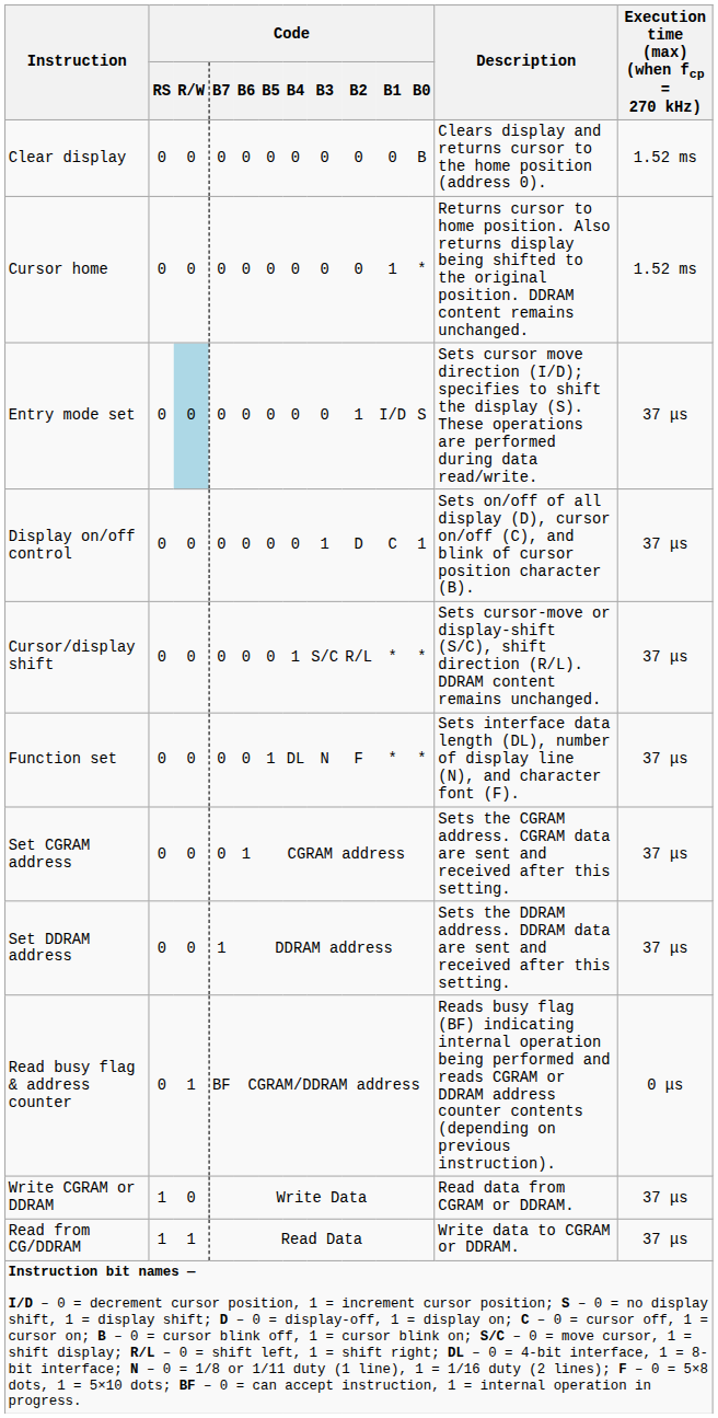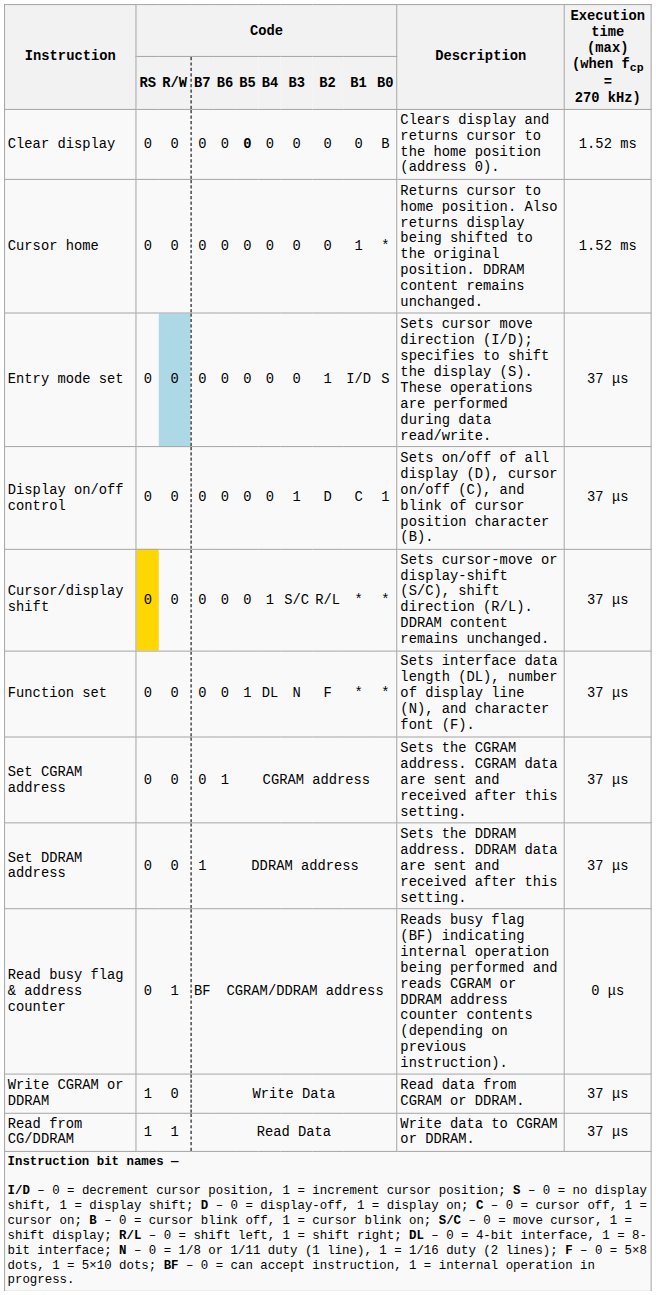 <table class="wikitable">
 <tr>
 <th rowspan="2">Instruction</th>
 <th colspan="10">Code</th>
 <th rowspan="2">Description</th>
 <th rowspan="2">Execution<br> time (max)<br> (when f<sub>cp</sub> =  270 kHz)</th>
 </tr>
 <tr>
 <th style="border-right: 0px;">RS</th>
 <th style="border-right: 0px; border-left: 0px;">R/W</th>
 <th style="border-right: 0px; border-left: 1px dashed;">B7</th>
 <th style="border-right: 0px; border-left: 0px;">B6</th>
 <th style="border-right: 0px; border-left: 0px;">B5</th>
 <th style="border-right: 0px; border-left: 0px;">B4</th>
 <th style="border-right: 0px; border-left: 0px;">B3</th>
 <th style="border-right: 0px; border-left: 0px;">B2</th>
 <th style="border-right: 0px; border-left: 0px;">B1</th>
 <th style="border-left: 0px;">B0</th>
 </tr>
 <tr>
 <td>Clear display</td>
 <td align="center" style="border-right: 0px;">0</td>
 <td align="center" style="border-right: 0px; border-left: 0px;">0</td>
 <td align="center" style="border-right: 0px; border-left: 1px dashed;">0</td>
 <td align="center" style="border-right: 0px; border-left: 0px;">0</td>
-<td align="center" style="border-right: 0px; border-left: 0px;">0</td>
+<td align="center" style="border-right: 0px; border-left: 0px;"><strong>0</strong></td>
 <td align="center" style="border-right: 0px; border-left: 0px;">0</td>
 <td align="center" style="border-right: 0px; border-left: 0px;">0</td>
 <td align="center" style="border-right: 0px; border-left: 0px;">0</td>
 <td align="center" style="border-right: 0px; border-left: 0px;">0</td>
 <td align="center" style="border-left: 0px;">B</td>
 <td>Clears display and returns cursor to the home position (address 0).</td>
 <td align="center">1.52 ms</td>
 </tr>
 <tr>
 <td>Cursor home</td>
 <td align="center" style="border-right: 0px;">0</td>
 <td align="center" style="border-right: 0px; border-left: 0px;">0</td>
 <td align="center" style="border-right: 0px; border-left: 1px dashed;">0</td>
 <td align="center" style="border-right: 0px; border-left: 0px;">0</td>
 <td align="center" style="border-right: 0px; border-left: 0px;">0</td>
 <td align="center" style="border-right: 0px; border-left: 0px;">0</td>
 <td align="center" style="border-right: 0px; border-left: 0px;">0</td>
 <td align="center" style="border-right: 0px; border-left: 0px;">0</td>
 <td align="center" style="border-right: 0px; border-left: 0px;">1</td>
 <td align="center" style="border-left: 0px;">*</td>
 <td>Returns cursor to home position. Also returns display being shifted to the original position. DDRAM content remains unchanged.</td>
 <td align="center">1.52 ms</td>
 </tr>
 <tr>
 <td>Entry mode set</td>
 <td align="center" style="border-right: 0px;">0</td>
 <td align="center" style="background: lightblue; border-right: 0px; border-left: 0px;">0</td>
 <td align="center" style="border-right: 0px; border-left: 1px dashed;">0</td>
 <td align="center" style="border-right: 0px; border-left: 0px;">0</td>
 <td align="center" style="border-right: 0px; border-left: 0px;">0</td>
 <td align="center" style="border-right: 0px; border-left: 0px;">0</td>
 <td align="center" style="border-right: 0px; border-left: 0px;">0</td>
 <td align="center" style="border-right: 0px; border-left: 0px;">1</td>
 <td align="center" style="border-right: 0px; border-left: 0px;">I/D</td>
 <td align="center" style="border-left: 0px;">S</td>
 <td>Sets cursor move direction (I/D); specifies to shift the display (S). These operations are performed during data read/write.</td>
 <td align="center">37 μs</td>
 </tr>
 <tr>
 <td>Display on/off control</td>
 <td align="center" style="border-right: 0px;">0</td>
 <td align="center" style="border-right: 0px; border-left: 0px;">0</td>
 <td align="center" style="border-right: 0px; border-left: 1px dashed;">0</td>
 <td align="center" style="border-right: 0px; border-left: 0px;">0</td>
 <td align="center" style="border-right: 0px; border-left: 0px;">0</td>
 <td align="center" style="border-right: 0px; border-left: 0px;">0</td>
 <td align="center" style="border-right: 0px; border-left: 0px;">1</td>
 <td align="center" style="border-right: 0px; border-left: 0px;">D</td>
 <td align="center" style="border-right: 0px; border-left: 0px;">C</td>
 <td align="center" style="border-left: 0px;">1</td>
 <td>Sets on/off of all display (D), cursor on/off (C), and blink of cursor position character (B).</td>
 <td align="center">37 μs</td>
 </tr>
 <tr>
 <td>Cursor/display shift</td>
-<td align="center" style="border-right: 0px;">0</td>
+<td align="center" style="background: gold; border-right: 0px;">0</td>
 <td align="center" style="border-right: 0px; border-left: 0px;">0</td>
 <td align="center" style="border-right: 0px; border-left: 1px dashed;">0</td>
 <td align="center" style="border-right: 0px; border-left: 0px;">0</td>
 <td align="center" style="border-right: 0px; border-left: 0px;">0</td>
 <td align="center" style="border-right: 0px; border-left: 0px;">1</td>
 <td align="center" style="border-right: 0px; border-left: 0px;">S/C</td>
 <td align="center" style="border-right: 0px; border-left: 0px;">R/L</td>
 <td align="center" style="border-right: 0px; border-left: 0px;">*</td>
 <td align="center" style="border-left: 0px;">*</td>
 <td>Sets cursor-move or display-shift (S/C), shift direction (R/L). DDRAM content remains unchanged.</td>
 <td align="center">37 μs</td>
 </tr>
 <tr>
 <td>Function set</td>
 <td align="center" style="border-right: 0px;">0</td>
 <td align="center" style="border-right: 0px; border-left: 0px;">0</td>
 <td align="center" style="border-right: 0px; border-left: 1px dashed;">0</td>
 <td align="center" style="border-right: 0px; border-left: 0px;">0</td>
 <td align="center" style="border-right: 0px; border-left: 0px;">1</td>
 <td align="center" style="border-right: 0px; border-left: 0px;">DL</td>
 <td align="center" style="border-right: 0px; border-left: 0px;">N</td>
 <td align="center" style="border-right: 0px; border-left: 0px;">F</td>
 <td align="center" style="border-right: 0px; border-left: 0px;">*</td>
 <td align="center" style="border-left: 0px;">*</td>
 <td>Sets interface data length (DL), number of display line (N), and character font (F).</td>
 <td align="center">37 μs</td>
 </tr>
 <tr>
 <td>Set CGRAM address</td>
 <td align="center" style="border-right: 0px;">0</td>
 <td align="center" style="border-right: 0px; border-left: 0px;">0</td>
 <td align="center" style="border-right: 0px; border-left: 1px dashed;">0</td>
 <td align="center" style="border-right: 0px; border-left: 0px;">1</td>
 <td align="center" style="border-left: 0px;" colspan="6">CGRAM address</td>
 <td>Sets the CGRAM address. CGRAM data are sent and received after this setting.</td>
 <td align="center">37 μs</td>
 </tr>
 <tr>
 <td>Set DDRAM address</td>
 <td align="center" style="border-right: 0px;">0</td>
 <td align="center" style="border-right: 0px; border-left: 0px;">0</td>
 <td align="center" style="border-right: 0px; border-left: 1px dashed;">1</td>
 <td align="center" style="border-left: 0px;" colspan="7">DDRAM address</td>
 <td>Sets the DDRAM address. DDRAM data are sent and received after this setting.</td>
 <td align="center">37 μs</td>
 </tr>
 <tr>
 <td>Read busy flag & address counter</td>
 <td align="center" style="border-right: 0px;">0</td>
 <td align="center" style="border-right: 0px; border-left: 0px;">1</td>
 <td align="center" style="border-right: 0px; border-left: 1px dashed;">BF</td>
 <td align="center" style="border-left: 0px;" colspan="7">CGRAM/DDRAM address</td>
 <td>Reads busy flag (BF) indicating internal operation being performed and reads CGRAM or DDRAM address counter contents (depending on previous instruction).</td>
 <td align="center">0 μs</td>
 </tr>
 <tr>
 <td>Write CGRAM or DDRAM</td>
 <td align="center" style="border-right: 0px;">1</td>
 <td align="center" style="border-right: 0px; border-left: 0px;">0</td>
 <td align="center" style="border-left: 1px dashed;" colspan="8">Write Data</td>
 <td>Read data from CGRAM or DDRAM.</td>
 <td align="center">37 μs</td>
 </tr>
 <tr>
 <td>Read from CG/DDRAM</td>
 <td align="center" style="border-right: 0px;">1</td>
 <td align="center" style="border-right: 0px; border-left: 0px;">1</td>
 <td align="center" style="border-left: 1px dashed;" colspan="8">Read Data</td>
 <td>Write data to CGRAM or DDRAM.</td>
 <td align="center">37 μs</td>
 </tr>
 <tr>
 <td colspan="13" style="font-size: 90%;"><strong>Instruction bit names —</strong><br><br><strong>I/D</strong> – 0 = decrement cursor position, 1 = increment cursor position; <strong>S</strong> – 0 = no display shift, 1 = display shift; <strong>D</strong> – 0 = display-off, 1 = display on; <strong>C</strong> – 0 = cursor off, 1 = cursor on; <strong>B</strong> – 0 = cursor blink off, 1 = cursor blink on; <strong>S/C</strong> – 0 = move cursor, 1 = shift display; <strong>R/L</strong> – 0 = shift left, 1 = shift right; <strong>DL</strong> – 0 = 4-bit interface, 1 = 8-bit interface; <strong>N</strong> – 0 = 1/8 or 1/11 duty (1 line), 1 = 1/16 duty (2 lines); <strong>F</strong> – 0 = 5×8 dots, 1 = 5×10 dots; <strong>BF</strong> – 0 = can accept instruction, 1 = internal operation in progress.</td>
 </tr>
 </table>
